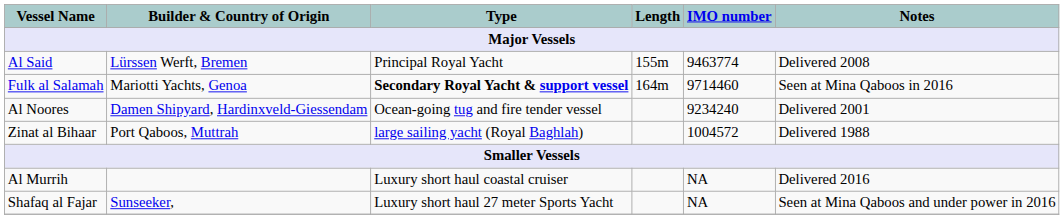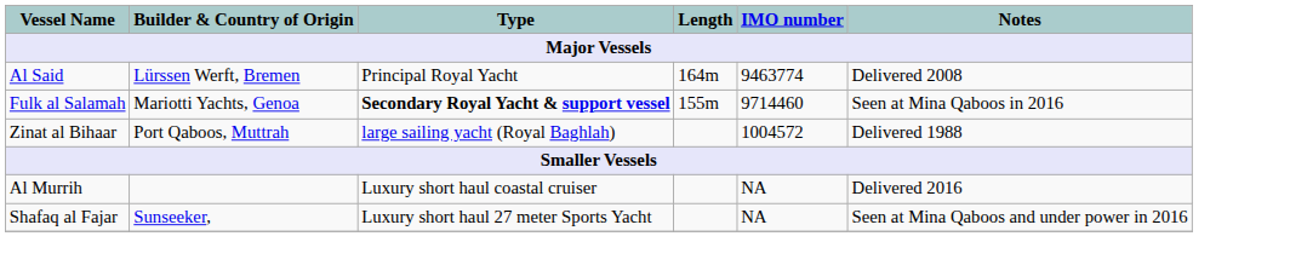 <table class="wikitable">
 <tr>
 <th style="text-align:center; background:#acc;">Vessel Name</th>
 <th style="text-align: center; background:#acc;">Builder & Country of Origin</th>
 <th style="text-align:l center; background:#acc;">Type</th>
 <th style="text-align:center; background:#acc;">Length</th>
 <th style="text-align: center; background:#acc;"><a href='#'>IMO number</a></th>
 <th style="text-align: center; background:#acc;">Notes</th>
 </tr>
 <tr>
 <th style="align: center; background: lavender;" colspan="6">Major Vessels</th>
 </tr>
 <tr>
 <td><a href='#'>Al Said</a></td>
 <td><a href='#'>Lürssen</a> Werft, <a href='#'>Bremen</a> </td>
 <td>Principal Royal Yacht</td>
-<td>155m</td>
+<td>164m</td>
 <td>9463774</td>
 <td>Delivered 2008 </td>
 </tr>
 <tr>
 <td><a href='#'>Fulk al Salamah</a></td>
 <td>Mariotti Yachts, <a href='#'>Genoa</a> </td>
 <td><strong>Secondary Royal Yacht & <a href='#'>support vessel</a></strong></td>
-<td>164m</td>
+<td>155m</td>
 <td>9714460</td>
 <td>Seen at Mina Qaboos in 2016 </td>
-</tr>
-<tr>
-<td>Al Noores</td>
-<td><a href='#'>Damen Shipyard</a>, <a href='#'>Hardinxveld-Giessendam</a> </td>
-<td>Ocean-going <a href='#'>tug</a> and fire tender vessel</td>
-<td></td>
-<td>9234240</td>
-<td>Delivered 2001 </td>
 </tr>
 <tr>
 <td>Zinat al Bihaar</td>
 <td>Port Qaboos, <a href='#'>Muttrah</a> </td>
 <td><a href='#'>large sailing yacht</a> (Royal <a href='#'>Baghlah</a>)</td>
 <td></td>
 <td>1004572</td>
 <td>Delivered 1988 </td>
 </tr>
 <tr>
 <th style="align: center; background: lavender;" colspan="6">Smaller Vessels</th>
 </tr>
 <tr>
 <td>Al Murrih</td>
 <td></td>
 <td>Luxury short haul coastal cruiser</td>
 <td></td>
 <td>NA</td>
 <td>Delivered 2016 </td>
 </tr>
 <tr>
 <td>Shafaq al Fajar</td>
 <td><a href='#'>Sunseeker</a>, </td>
 <td>Luxury short haul  27 meter Sports Yacht</td>
 <td></td>
 <td>NA</td>
 <td>Seen at Mina Qaboos and under power in 2016 </td>
 </tr>
 <tr>
 </tr>
 </table>
